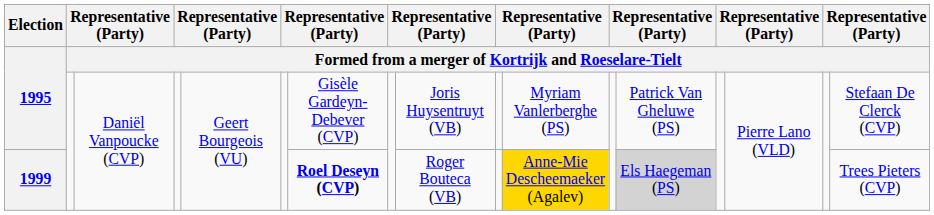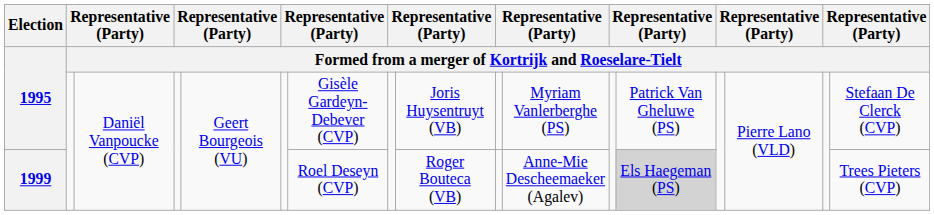 <table class="wikitable" style="text-align:center">
 <tr>
 <th>Election</th>
 <th colspan=2>Representative<br>(Party)</th>
 <th colspan=2>Representative<br>(Party)</th>
 <th colspan=2>Representative<br>(Party)</th>
 <th colspan=2>Representative<br>(Party)</th>
 <th colspan=2>Representative<br>(Party)</th>
 <th colspan=2>Representative<br>(Party)</th>
 <th colspan=2>Representative<br>(Party)</th>
 <th colspan=2>Representative<br>(Party)</th>
 </tr>
 <tr>
 <th rowspan=2><a href='#'>1995</a></th>
 <th colspan=16>Formed from a merger of <a href='#'>Kortrijk</a> and <a href='#'>Roeselare-Tielt</a></th>
 </tr>
 <tr>
 <td rowspan=2; style="background-color: "></td>
 <td rowspan=2><a href='#'>Daniël Vanpoucke</a><br>(<a href='#'>CVP</a>)</td>
 <td rowspan=2; style="background-color: "></td>
 <td rowspan=2><a href='#'>Geert Bourgeois</a><br>(<a href='#'>VU</a>)</td>
 <td rowspan=2; style="background-color: "></td>
 <td rowspan=1><a href='#'>Gisèle Gardeyn-Debever</a><br>(<a href='#'>CVP</a>)</td>
 <td rowspan=2; style="background-color: "></td>
 <td rowspan=1><a href='#'>Joris Huysentruyt</a><br>(<a href='#'>VB</a>)</td>
 <td rowspan=1; style="background-color: "></td>
 <td rowspan=1><a href='#'>Myriam Vanlerberghe</a><br>(<a href='#'>PS</a>)</td>
 <td rowspan=2; style="background-color: "></td>
 <td rowspan=1><a href='#'>Patrick Van Gheluwe</a><br>(<a href='#'>PS</a>)</td>
 <td rowspan=2; style="background-color: "></td>
 <td rowspan=2><a href='#'>Pierre Lano</a><br>(<a href='#'>VLD</a>)</td>
 <td rowspan=2; style="background-color: "></td>
 <td rowspan=1><a href='#'>Stefaan De Clerck</a><br>(<a href='#'>CVP</a>)</td>
 </tr>
 <tr>
 <th><a href='#'>1999</a></th>
-<td rowspan=1><strong><a href='#'>Roel Deseyn</a><br>(<a href='#'>CVP</a>)</strong></td>
+<td rowspan=1><a href='#'>Roel Deseyn</a><br>(<a href='#'>CVP</a>)</td>
 <td rowspan=1><a href='#'>Roger Bouteca</a><br>(<a href='#'>VB</a>)</td>
 <td rowspan=1; style="background-color: "></td>
-<td rowspan=1 style="background: gold;"><a href='#'>Anne-Mie Descheemaeker</a><br>(Agalev)</td>
+<td rowspan=1><a href='#'>Anne-Mie Descheemaeker</a><br>(Agalev)</td>
 <td rowspan=1 style="background: lightgrey;"><a href='#'>Els Haegeman</a><br>(<a href='#'>PS</a>)</td>
 <td rowspan=1><a href='#'>Trees Pieters</a><br>(<a href='#'>CVP</a>)</td>
 </tr>
 </table>
